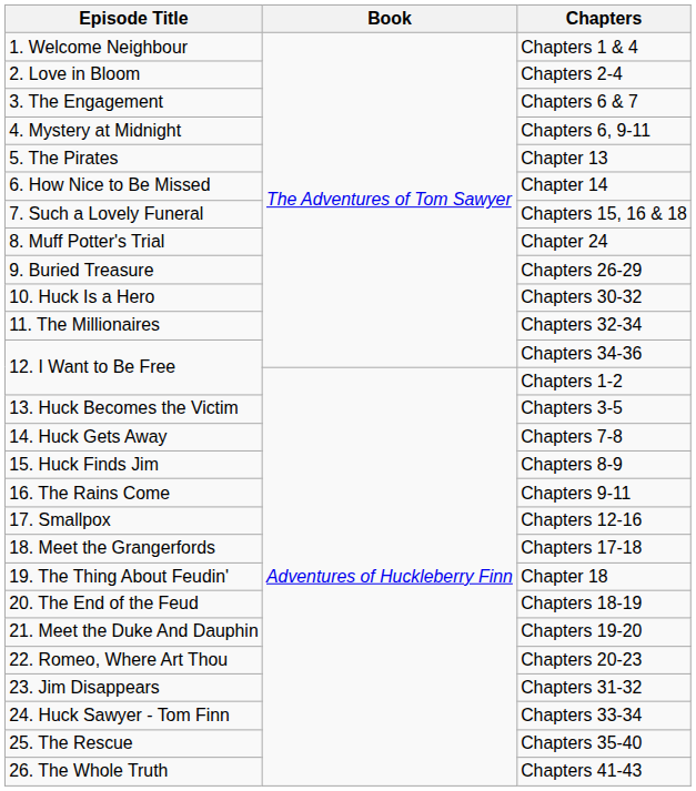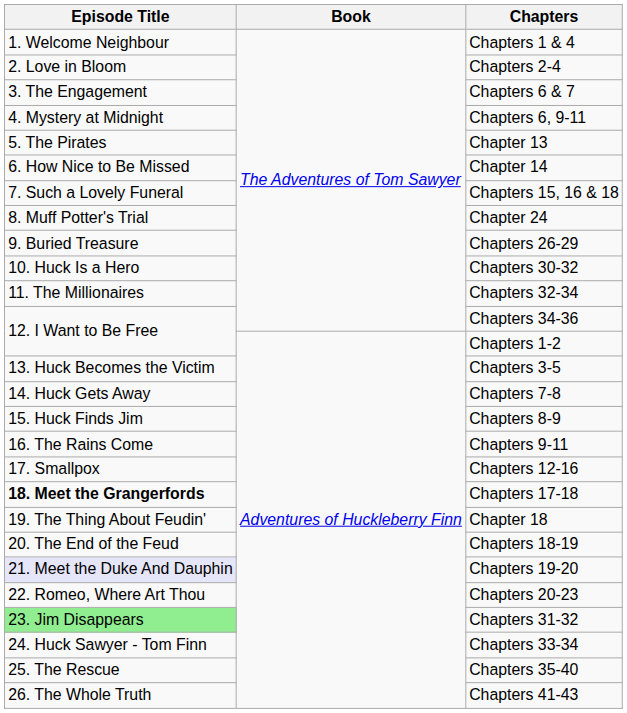 <table class="wikitable">
 <tr>
 <th>Episode Title</th>
 <th>Book</th>
 <th>Chapters</th>
 </tr>
 <tr>
 <td>1. Welcome Neighbour</td>
 <td rowspan=12><em><a href='#'>The Adventures of Tom Sawyer</a></em></td>
 <td>Chapters 1 & 4</td>
 </tr>
 <tr>
 <td>2. Love in Bloom</td>
 <td>Chapters 2-4</td>
 </tr>
 <tr>
 <td>3. The Engagement</td>
 <td>Chapters 6 & 7</td>
 </tr>
 <tr>
 <td>4. Mystery at Midnight</td>
 <td>Chapters 6, 9-11</td>
 </tr>
 <tr>
 <td>5. The Pirates</td>
 <td>Chapter 13</td>
 </tr>
 <tr>
 <td>6. How Nice to Be Missed</td>
 <td>Chapter 14</td>
 </tr>
 <tr>
 <td>7. Such a Lovely Funeral</td>
 <td>Chapters 15, 16 & 18</td>
 </tr>
 <tr>
 <td>8. Muff Potter's Trial</td>
 <td>Chapter 24</td>
 </tr>
 <tr>
 <td>9. Buried Treasure</td>
 <td>Chapters 26-29</td>
 </tr>
 <tr>
 <td>10. Huck Is a Hero</td>
 <td>Chapters 30-32</td>
 </tr>
 <tr>
 <td>11. The Millionaires</td>
 <td>Chapters 32-34</td>
 </tr>
 <tr>
 <td rowspan=2>12. I Want to Be Free</td>
 <td>Chapters 34-36</td>
 </tr>
 <tr>
 <td rowspan=15><em><a href='#'>Adventures of Huckleberry Finn</a></em></td>
 <td>Chapters 1-2</td>
 </tr>
 <tr>
 <td>13. Huck Becomes the Victim</td>
 <td>Chapters 3-5</td>
 </tr>
 <tr>
 <td>14. Huck Gets Away</td>
 <td>Chapters 7-8</td>
 </tr>
 <tr>
 <td>15. Huck Finds Jim</td>
 <td>Chapters 8-9</td>
 </tr>
 <tr>
 <td>16. The Rains Come</td>
 <td>Chapters 9-11</td>
 </tr>
 <tr>
 <td>17. Smallpox</td>
 <td>Chapters 12-16</td>
 </tr>
 <tr>
-<td>18. Meet the Grangerfords</td>
+<td><strong>18. Meet the Grangerfords</strong></td>
 <td>Chapters 17-18</td>
 </tr>
 <tr>
 <td>19. The Thing About Feudin'</td>
 <td>Chapter 18</td>
 </tr>
 <tr>
 <td>20. The End of the Feud</td>
 <td>Chapters 18-19</td>
 </tr>
 <tr>
-<td>21. Meet the Duke And Dauphin</td>
+<td style="background: lavender;">21. Meet the Duke And Dauphin</td>
 <td>Chapters 19-20</td>
 </tr>
 <tr>
 <td>22. Romeo, Where Art Thou</td>
 <td>Chapters 20-23</td>
 </tr>
 <tr>
-<td>23. Jim Disappears</td>
+<td style="background: lightgreen;">23. Jim Disappears</td>
 <td>Chapters 31-32</td>
 </tr>
 <tr>
 <td>24. Huck Sawyer - Tom Finn</td>
 <td>Chapters 33-34</td>
 </tr>
 <tr>
 <td>25. The Rescue</td>
 <td>Chapters 35-40</td>
 </tr>
 <tr>
 <td>26. The Whole Truth</td>
 <td>Chapters 41-43</td>
 </tr>
 </table>
